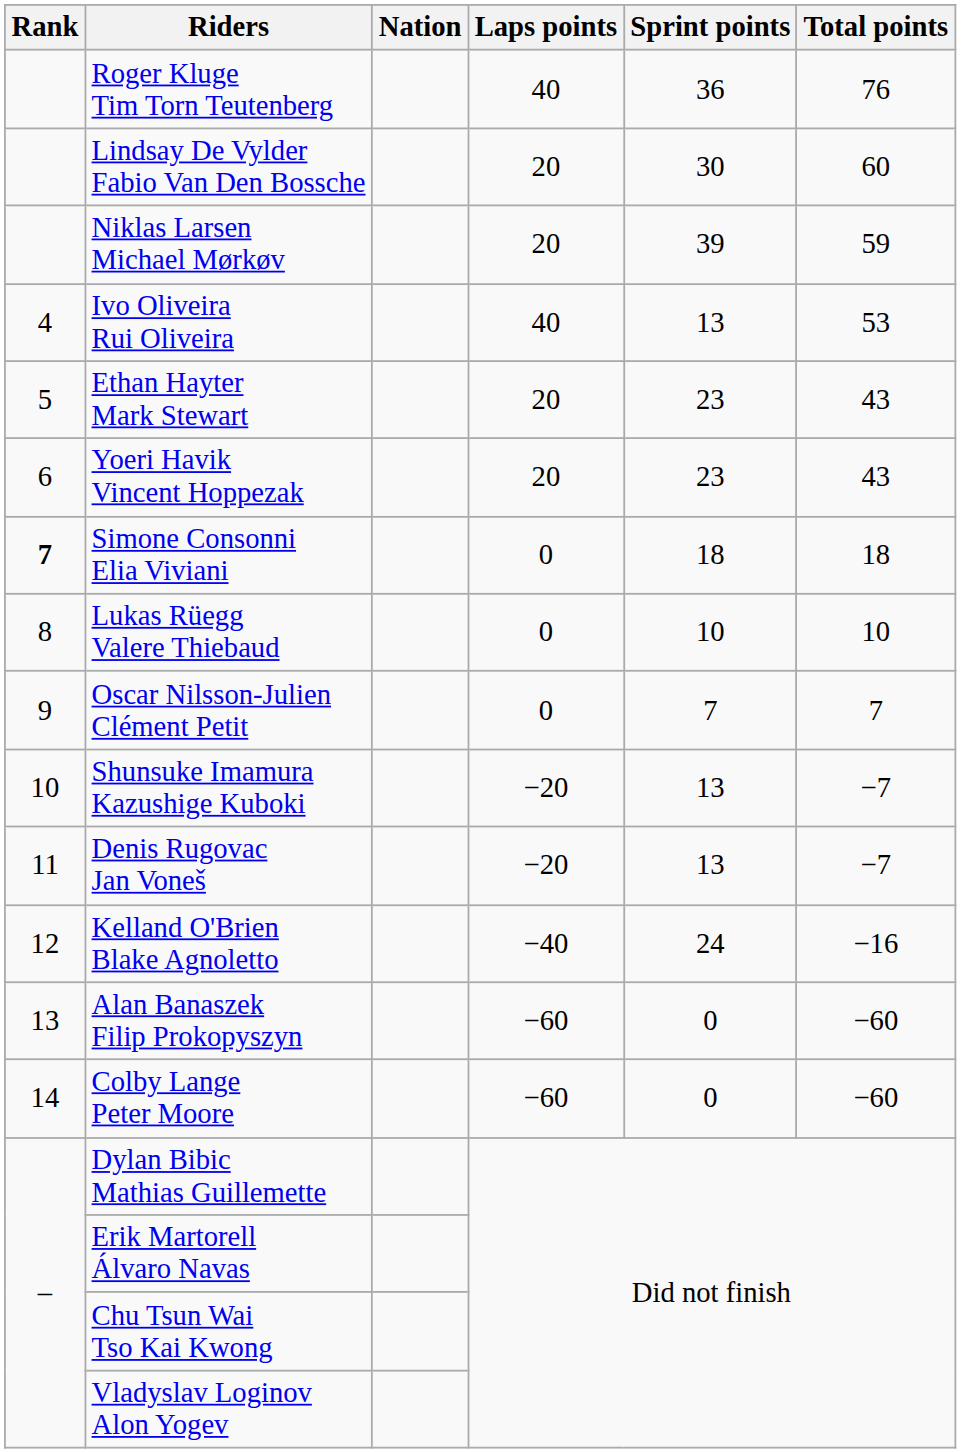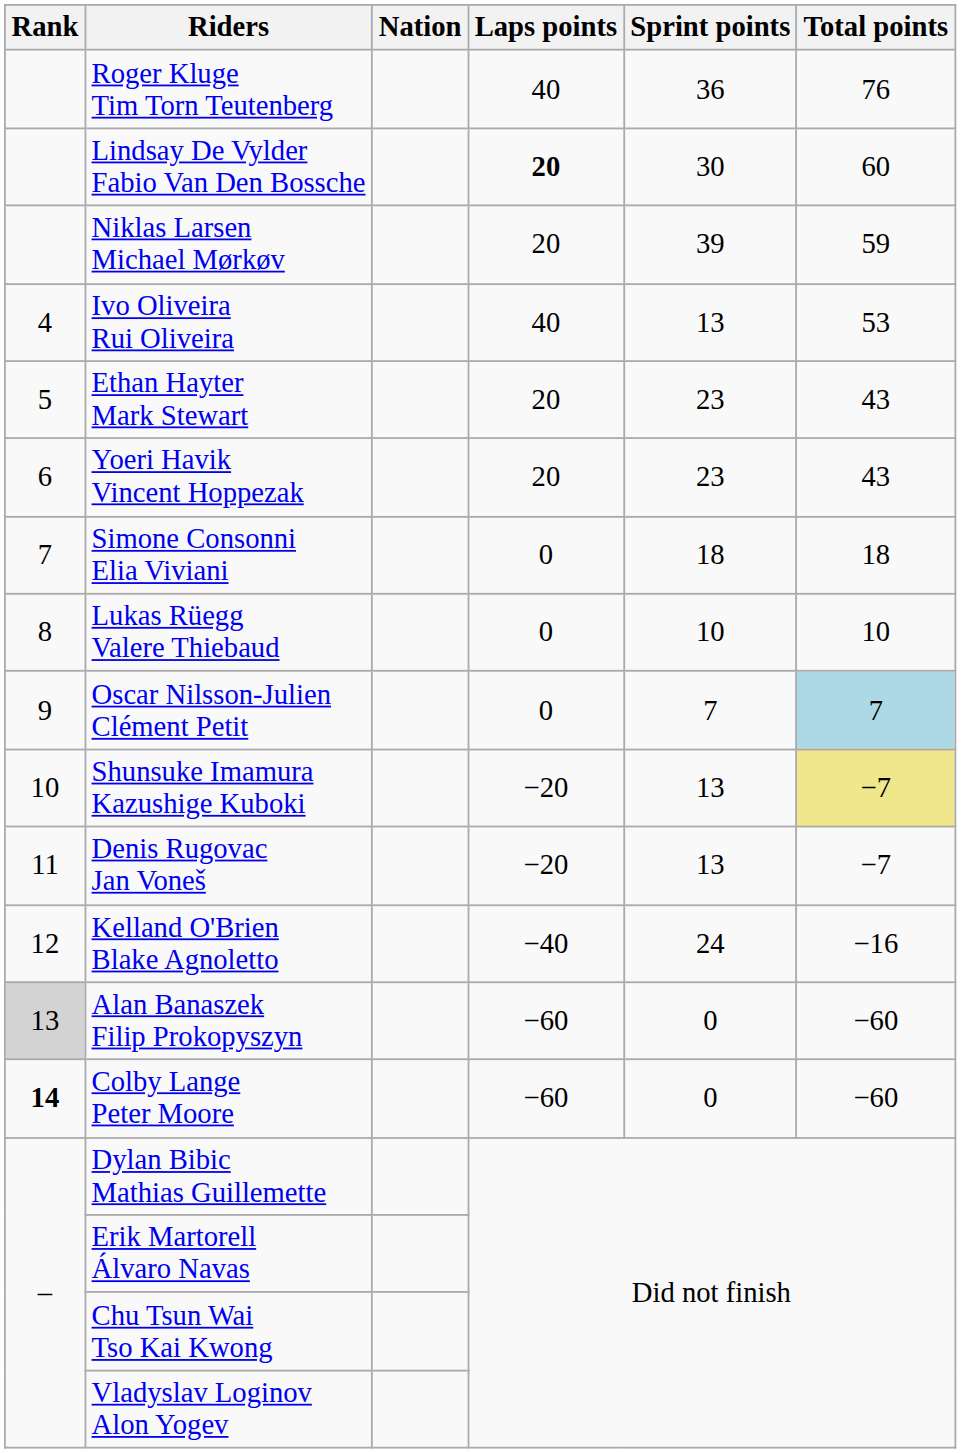 <table class="wikitable sortable" style="text-align:center">
 <tr>
 <th>Rank</th>
 <th>Riders</th>
 <th>Nation</th>
 <th>Laps points</th>
 <th>Sprint points</th>
 <th>Total points</th>
 </tr>
 <tr>
 <td></td>
 <td align=left><a href='#'>Roger Kluge</a><br><a href='#'>Tim Torn Teutenberg</a></td>
 <td align=left></td>
 <td>40</td>
 <td>36</td>
 <td>76</td>
 </tr>
 <tr>
 <td></td>
 <td align=left><a href='#'>Lindsay De Vylder</a><br><a href='#'>Fabio Van Den Bossche</a></td>
 <td align=left></td>
-<td>20</td>
+<td><strong>20</strong></td>
 <td>30</td>
 <td>60</td>
 </tr>
 <tr>
 <td></td>
 <td align=left><a href='#'>Niklas Larsen</a><br><a href='#'>Michael Mørkøv</a></td>
 <td align=left></td>
 <td>20</td>
 <td>39</td>
 <td>59</td>
 </tr>
 <tr>
 <td>4</td>
 <td align=left><a href='#'>Ivo Oliveira</a><br><a href='#'>Rui Oliveira</a></td>
 <td align=left></td>
 <td>40</td>
 <td>13</td>
 <td>53</td>
 </tr>
 <tr>
 <td>5</td>
 <td align=left><a href='#'>Ethan Hayter</a><br><a href='#'>Mark Stewart</a></td>
 <td align=left></td>
 <td>20</td>
 <td>23</td>
 <td>43</td>
 </tr>
 <tr>
 <td>6</td>
 <td align=left><a href='#'>Yoeri Havik</a><br><a href='#'>Vincent Hoppezak</a></td>
 <td align=left></td>
 <td>20</td>
 <td>23</td>
 <td>43</td>
 </tr>
 <tr>
-<td><strong>7</strong></td>
+<td>7</td>
 <td align=left><a href='#'>Simone Consonni</a><br><a href='#'>Elia Viviani</a></td>
 <td align=left></td>
 <td>0</td>
 <td>18</td>
 <td>18</td>
 </tr>
 <tr>
 <td>8</td>
 <td align=left><a href='#'>Lukas Rüegg</a><br><a href='#'>Valere Thiebaud</a></td>
 <td align=left></td>
 <td>0</td>
 <td>10</td>
 <td>10</td>
 </tr>
 <tr>
 <td>9</td>
 <td align=left><a href='#'>Oscar Nilsson-Julien</a><br><a href='#'>Clément Petit</a></td>
 <td align=left></td>
 <td>0</td>
 <td>7</td>
-<td>7</td>
+<td style="background: lightblue;">7</td>
 </tr>
 <tr>
 <td>10</td>
 <td align=left><a href='#'>Shunsuke Imamura</a><br><a href='#'>Kazushige Kuboki</a></td>
 <td align=left></td>
 <td>−20</td>
 <td>13</td>
-<td>−7</td>
+<td style="background: khaki;">−7</td>
 </tr>
 <tr>
 <td>11</td>
 <td align=left><a href='#'>Denis Rugovac</a><br><a href='#'>Jan Voneš</a></td>
 <td align=left></td>
 <td>−20</td>
 <td>13</td>
 <td>−7</td>
 </tr>
 <tr>
 <td>12</td>
 <td align=left><a href='#'>Kelland O'Brien</a><br><a href='#'>Blake Agnoletto</a></td>
 <td align=left></td>
 <td>−40</td>
 <td>24</td>
 <td>−16</td>
 </tr>
 <tr>
-<td>13</td>
+<td style="background: lightgrey;">13</td>
 <td align=left><a href='#'>Alan Banaszek</a><br><a href='#'>Filip Prokopyszyn</a></td>
 <td align=left></td>
 <td>−60</td>
 <td>0</td>
 <td>−60</td>
 </tr>
 <tr>
-<td>14</td>
+<td><strong>14</strong></td>
 <td align=left><a href='#'>Colby Lange</a><br><a href='#'>Peter Moore</a></td>
 <td align=left></td>
 <td>−60</td>
 <td>0</td>
 <td>−60</td>
 </tr>
 <tr>
 <td rowspan=4 data-sort-value="99">–</td>
 <td align=left><a href='#'>Dylan Bibic</a><br><a href='#'>Mathias Guillemette</a></td>
 <td align=left></td>
 <td colspan=3 rowspan=4>Did not finish</td>
 </tr>
 <tr>
 <td align=left><a href='#'>Erik Martorell</a><br><a href='#'>Álvaro Navas</a></td>
 <td align=left></td>
 </tr>
 <tr>
 <td align=left><a href='#'>Chu Tsun Wai</a><br><a href='#'>Tso Kai Kwong</a></td>
 <td align=left></td>
 </tr>
 <tr>
 <td align=left><a href='#'>Vladyslav Loginov</a><br><a href='#'>Alon Yogev</a></td>
 <td align=left></td>
 </tr>
 </table>
